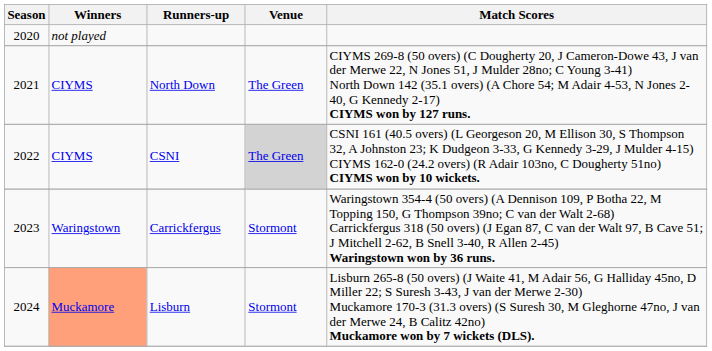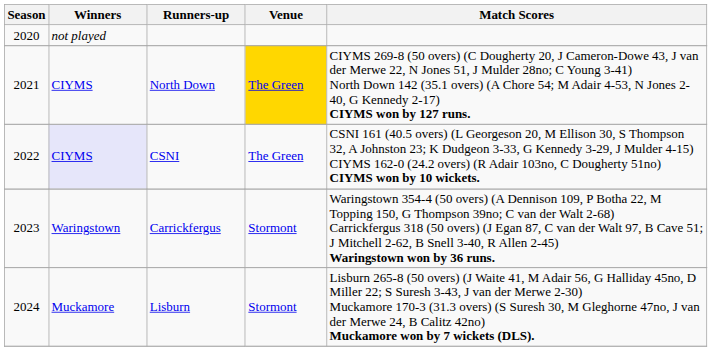 <table class="wikitable">
 <tr>
 <th>Season</th>
 <th width="120">Winners</th>
 <th width="120">Runners-up</th>
 <th width="100">Venue</th>
 <th width="540">Match Scores</th>
 </tr>
 <tr>
 <td align="center">2020</td>
 <td><em>not played</em></td>
 <td></td>
 <td></td>
 <td></td>
 </tr>
 <tr style="background: #D0E6FF;">
 </tr>
 <tr>
 <td align="center">2021</td>
 <td><a href='#'>CIYMS</a></td>
 <td><a href='#'>North Down</a></td>
-<td><a href='#'>The Green</a></td>
+<td style="background: gold;"><a href='#'>The Green</a></td>
 <td>CIYMS 269-8 (50 overs) (C Dougherty 20, J Cameron-Dowe 43, J van der Merwe 22, N Jones 51, J Mulder 28no; C Young 3-41)<br>North Down 142 (35.1 overs) (A Chore 54; M Adair 4-53, N Jones 2-40, G Kennedy 2-17)<br><strong>CIYMS won by 127 runs.</strong></td>
 </tr>
 <tr style="background: #D0E6FF;"|align="center"|2021>
 </tr>
 <tr>
 <td align="center">2022</td>
-<td><a href='#'>CIYMS</a></td>
+<td style="background: lavender;"><a href='#'>CIYMS</a></td>
 <td><a href='#'>CSNI</a></td>
-<td style="background: lightgrey;"><a href='#'>The Green</a></td>
+<td><a href='#'>The Green</a></td>
 <td>CSNI 161 (40.5 overs) (L Georgeson 20, M Ellison 30, S Thompson 32, A Johnston 23; K Dudgeon 3-33, G Kennedy 3-29, J Mulder 4-15)<br>CIYMS 162-0 (24.2 overs) (R Adair 103no, C Dougherty 51no)<br><strong>CIYMS won by 10 wickets.</strong></td>
 </tr>
 <tr style="background: #D0E6FF;"|align="center"|2022>
 </tr>
 <tr>
 <td align="center">2023</td>
 <td><a href='#'>Waringstown</a></td>
 <td><a href='#'>Carrickfergus</a></td>
 <td><a href='#'>Stormont</a></td>
 <td>Waringstown 354-4 (50 overs) (A Dennison 109, P Botha 22, M Topping 150, G Thompson 39no; C van der Walt 2-68)<br>Carrickfergus 318 (50 overs) (J Egan 87, C van der Walt 97, B Cave 51; J Mitchell 2-62, B Snell 3-40, R Allen 2-45)<br><strong>Waringstown won by 36 runs.</strong></td>
 </tr>
 <tr style="background: #D0E6FF;"|align="center"|2023>
 </tr>
 <tr>
 <td align="center">2024</td>
-<td style="background: lightsalmon;"><a href='#'>Muckamore</a></td>
+<td><a href='#'>Muckamore</a></td>
 <td><a href='#'>Lisburn</a></td>
 <td><a href='#'>Stormont</a></td>
 <td>Lisburn 265-8 (50 overs) (J Waite 41, M Adair 56, G Halliday 45no, D Miller 22; S Suresh 3-43, J van der Merwe 2-30)<br>Muckamore 170-3 (31.3 overs) (S Suresh 30, M Gleghorne 47no, J van der Merwe 24, B Calitz 42no)<br><strong>Muckamore won by 7 wickets (DLS).</strong></td>
 </tr>
 <tr style="background: #D0E6FF;"|align="center"|2024>
 </tr>
 </table>
